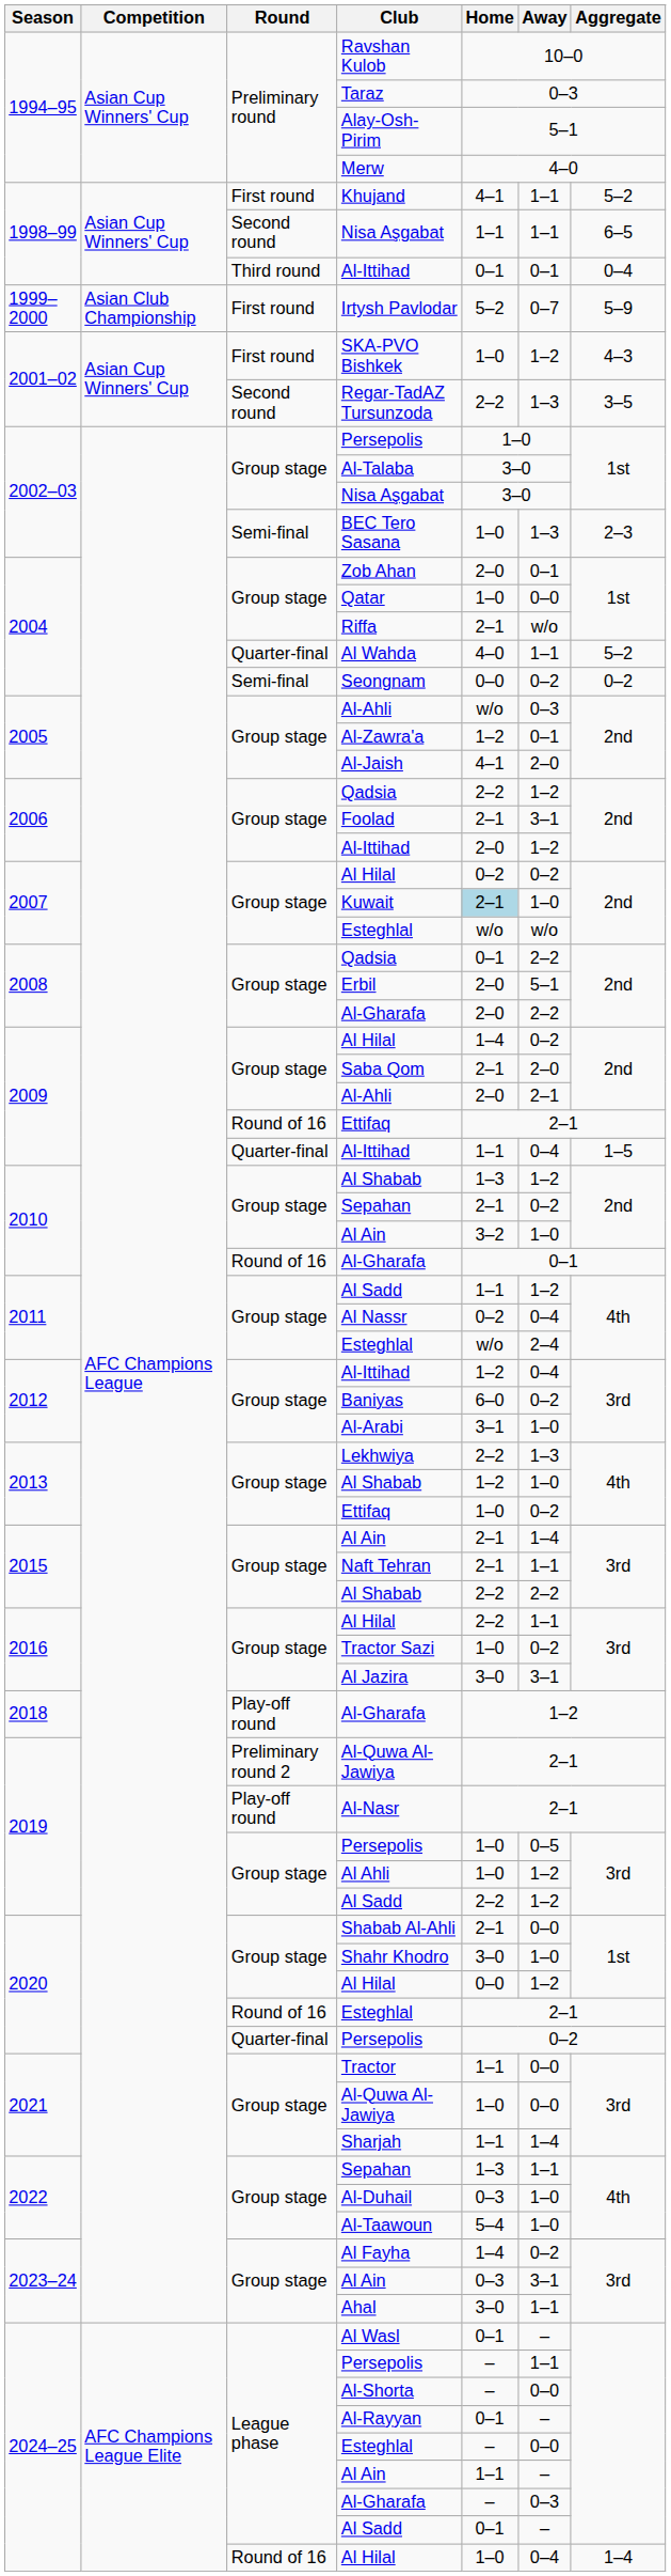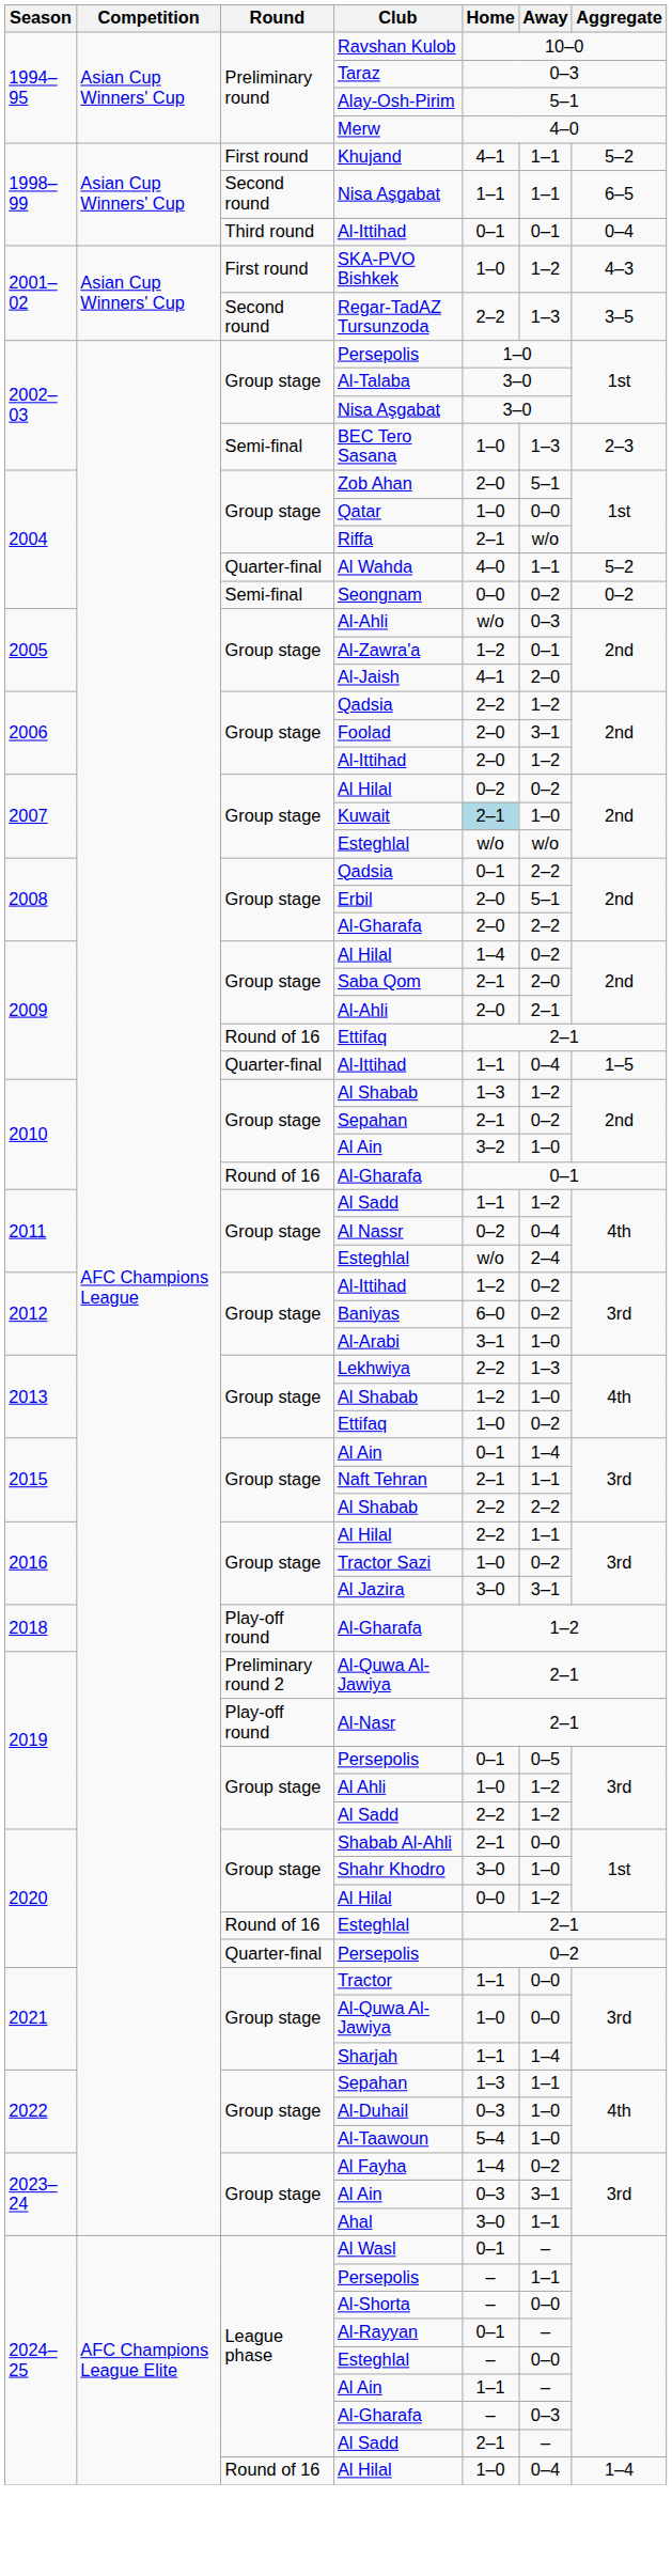 <table class="wikitable">
 <tr>
 </tr>
 <tr>
 <th>Season</th>
 <th>Competition</th>
 <th>Round</th>
 <th>Club</th>
 <th>Home</th>
 <th>Away</th>
 <th>Aggregate</th>
 </tr>
 <tr>
 <td rowspan="4"><a href='#'>1994–95</a></td>
 <td rowspan="4"><a href='#'>Asian Cup Winners' Cup</a></td>
 <td rowspan="4">Preliminary round</td>
 <td> <a href='#'>Ravshan Kulob</a></td>
 <td colspan=3; style="text-align:center;">10–0</td>
 </tr>
 <tr>
 <td> <a href='#'>Taraz</a></td>
 <td colspan=3; style="text-align:center;">0–3</td>
 </tr>
 <tr>
 <td> <a href='#'>Alay-Osh-Pirim</a></td>
 <td colspan=3; style="text-align:center;">5–1</td>
 </tr>
 <tr>
 <td> <a href='#'>Merw</a></td>
 <td colspan=3; style="text-align:center;">4–0</td>
 </tr>
 <tr>
 <td rowspan="3"><a href='#'>1998–99</a></td>
 <td rowspan="3"><a href='#'>Asian Cup Winners' Cup</a></td>
 <td rowspan="1">First round</td>
 <td> <a href='#'>Khujand</a></td>
 <td style="text-align:center;">4–1</td>
 <td style="text-align:center;">1–1</td>
 <td style="text-align:center;">5–2</td>
 </tr>
 <tr>
 <td rowspan="1">Second round</td>
 <td> <a href='#'>Nisa Aşgabat</a></td>
 <td style="text-align:center;">1–1</td>
 <td style="text-align:center;">1–1</td>
 <td style="text-align:center;">6–5</td>
 </tr>
 <tr>
 <td rowspan="1">Third round</td>
 <td> <a href='#'>Al-Ittihad</a></td>
 <td style="text-align:center;">0–1</td>
 <td style="text-align:center;">0–1</td>
 <td style="text-align:center;">0–4</td>
 </tr>
 <tr>
-<td rowspan="1"><a href='#'>1999–2000</a></td>
-<td rowspan="1"><a href='#'>Asian Club Championship</a></td>
-<td rowspan="1">First round</td>
-<td> <a href='#'>Irtysh Pavlodar</a></td>
-<td style="text-align:center;">5–2</td>
-<td style="text-align:center;">0–7</td>
-<td style="text-align:center;">5–9</td>
-</tr>
-<tr>
 <td rowspan="2"><a href='#'>2001–02</a></td>
 <td rowspan="2"><a href='#'>Asian Cup Winners' Cup</a></td>
 <td rowspan="1">First round</td>
 <td> <a href='#'>SKA-PVO Bishkek</a></td>
 <td style="text-align:center;">1–0</td>
 <td style="text-align:center;">1–2</td>
 <td style="text-align:center;">4–3</td>
 </tr>
 <tr>
 <td rowspan="1">Second round</td>
 <td> <a href='#'>Regar-TadAZ Tursunzoda</a></td>
 <td style="text-align:center;">2–2</td>
 <td style="text-align:center;">1–3</td>
 <td style="text-align:center;">3–5</td>
 </tr>
 <tr>
 <td rowspan="4"><a href='#'>2002–03</a></td>
 <td rowspan="65"><a href='#'>AFC Champions League</a></td>
 <td rowspan="3">Group stage</td>
 <td> <a href='#'>Persepolis</a></td>
 <td colspan=2; style="text-align:center;">1–0</td>
 <td rowspan=3; style="text-align:center;">1st</td>
 </tr>
 <tr>
 <td> <a href='#'>Al-Talaba</a></td>
 <td colspan=2; style="text-align:center;">3–0</td>
 </tr>
 <tr>
 <td> <a href='#'>Nisa Aşgabat</a></td>
 <td colspan=2; style="text-align:center;">3–0</td>
 </tr>
 <tr>
 <td rowspan="1">Semi-final</td>
 <td> <a href='#'>BEC Tero Sasana</a></td>
 <td style="text-align:center;">1–0</td>
 <td style="text-align:center;">1–3</td>
 <td style="text-align:center;">2–3</td>
 </tr>
 <tr>
 <td rowspan="5"><a href='#'>2004</a></td>
 <td rowspan="3">Group stage</td>
 <td> <a href='#'>Zob Ahan</a></td>
 <td style="text-align:center;">2–0</td>
-<td style="text-align:center;">0–1</td>
+<td style="text-align:center;">5–1</td>
 <td rowspan=3; style="text-align:center;">1st</td>
 </tr>
 <tr>
 <td> <a href='#'>Qatar</a></td>
 <td style="text-align:center;">1–0</td>
 <td style="text-align:center;">0–0</td>
 </tr>
 <tr>
 <td> <a href='#'>Riffa</a></td>
 <td style="text-align:center;">2–1</td>
 <td style="text-align:center;">w/o</td>
 </tr>
 <tr>
 <td rowspan="1">Quarter-final</td>
 <td> <a href='#'>Al Wahda</a></td>
 <td style="text-align:center;">4–0</td>
 <td style="text-align:center;">1–1</td>
 <td style="text-align:center;">5–2</td>
 </tr>
 <tr>
 <td rowspan="1">Semi-final</td>
 <td> <a href='#'>Seongnam</a></td>
 <td style="text-align:center;">0–0</td>
 <td style="text-align:center;">0–2</td>
 <td style="text-align:center;">0–2</td>
 </tr>
 <tr>
 <td rowspan="3"><a href='#'>2005</a></td>
 <td rowspan="3">Group stage</td>
 <td> <a href='#'>Al-Ahli</a></td>
 <td style="text-align:center;">w/o</td>
 <td style="text-align:center;">0–3</td>
 <td rowspan=3; style="text-align:center;">2nd</td>
 </tr>
 <tr>
 <td> <a href='#'>Al-Zawra'a</a></td>
 <td style="text-align:center;">1–2</td>
 <td style="text-align:center;">0–1</td>
 </tr>
 <tr>
 <td> <a href='#'>Al-Jaish</a></td>
 <td style="text-align:center;">4–1</td>
 <td style="text-align:center;">2–0</td>
 </tr>
 <tr>
 <td rowspan="3"><a href='#'>2006</a></td>
 <td rowspan="3">Group stage</td>
 <td> <a href='#'>Qadsia</a></td>
 <td style="text-align:center;">2–2</td>
 <td style="text-align:center;">1–2</td>
 <td rowspan=3; style="text-align:center;">2nd</td>
 </tr>
 <tr>
 <td> <a href='#'>Foolad</a></td>
-<td style="text-align:center;">2–1</td>
+<td style="text-align:center;">2–0</td>
 <td style="text-align:center;">3–1</td>
 </tr>
 <tr>
 <td> <a href='#'>Al-Ittihad</a></td>
 <td style="text-align:center;">2–0</td>
 <td style="text-align:center;">1–2</td>
 </tr>
 <tr>
 <td rowspan="3"><a href='#'>2007</a></td>
 <td rowspan="3">Group stage</td>
 <td> <a href='#'>Al Hilal</a></td>
 <td style="text-align:center;">0–2</td>
 <td style="text-align:center;">0–2</td>
 <td rowspan=3; style="text-align:center;">2nd</td>
 </tr>
 <tr>
 <td> <a href='#'>Kuwait</a></td>
 <td style="background: lightblue; text-align:center;">2–1</td>
 <td style="text-align:center;">1–0</td>
 </tr>
 <tr>
 <td> <a href='#'>Esteghlal</a></td>
 <td style="text-align:center;">w/o</td>
 <td style="text-align:center;">w/o</td>
 </tr>
 <tr>
 <td rowspan="3"><a href='#'>2008</a></td>
 <td rowspan="3">Group stage</td>
 <td> <a href='#'>Qadsia</a></td>
 <td style="text-align:center;">0–1</td>
 <td style="text-align:center;">2–2</td>
 <td rowspan=3; style="text-align:center;">2nd</td>
 </tr>
 <tr>
 <td> <a href='#'>Erbil</a></td>
 <td style="text-align:center;">2–0</td>
 <td style="text-align:center;">5–1</td>
 </tr>
 <tr>
 <td> <a href='#'>Al-Gharafa</a></td>
 <td style="text-align:center;">2–0</td>
 <td style="text-align:center;">2–2</td>
 </tr>
 <tr>
 <td rowspan="5"><a href='#'>2009</a></td>
 <td rowspan="3">Group stage</td>
 <td> <a href='#'>Al Hilal</a></td>
 <td style="text-align:center;">1–4</td>
 <td style="text-align:center;">0–2</td>
 <td rowspan=3; style="text-align:center;">2nd</td>
 </tr>
 <tr>
 <td> <a href='#'>Saba Qom</a></td>
 <td style="text-align:center;">2–1</td>
 <td style="text-align:center;">2–0</td>
 </tr>
 <tr>
 <td> <a href='#'>Al-Ahli</a></td>
 <td style="text-align:center;">2–0</td>
 <td style="text-align:center;">2–1</td>
 </tr>
 <tr>
 <td rowspan="1">Round of 16</td>
 <td> <a href='#'>Ettifaq</a></td>
 <td colspan=3; style="text-align:center;">2–1</td>
 </tr>
 <tr>
 <td rowspan="1">Quarter-final</td>
 <td> <a href='#'>Al-Ittihad</a></td>
 <td style="text-align:center;">1–1</td>
 <td style="text-align:center;">0–4</td>
 <td style="text-align:center;">1–5</td>
 </tr>
 <tr>
 <td rowspan="4"><a href='#'>2010</a></td>
 <td rowspan="3">Group stage</td>
 <td> <a href='#'>Al Shabab</a></td>
 <td style="text-align:center;">1–3</td>
 <td style="text-align:center;">1–2</td>
 <td rowspan=3; style="text-align:center;">2nd</td>
 </tr>
 <tr>
 <td> <a href='#'>Sepahan</a></td>
 <td style="text-align:center;">2–1</td>
 <td style="text-align:center;">0–2</td>
 </tr>
 <tr>
 <td> <a href='#'>Al Ain</a></td>
 <td style="text-align:center;">3–2</td>
 <td style="text-align:center;">1–0</td>
 </tr>
 <tr>
 <td rowspan="1">Round of 16</td>
 <td> <a href='#'>Al-Gharafa</a></td>
 <td colspan=3; style="text-align:center;">0–1</td>
 </tr>
 <tr>
 <td rowspan="3"><a href='#'>2011</a></td>
 <td rowspan="3">Group stage</td>
 <td> <a href='#'>Al Sadd</a></td>
 <td style="text-align:center;">1–1</td>
 <td style="text-align:center;">1–2</td>
 <td rowspan=3; style="text-align:center;">4th</td>
 </tr>
 <tr>
 <td> <a href='#'>Al Nassr</a></td>
 <td style="text-align:center;">0–2</td>
 <td style="text-align:center;">0–4</td>
 </tr>
 <tr>
 <td> <a href='#'>Esteghlal</a></td>
 <td style="text-align:center;">w/o</td>
 <td style="text-align:center;">2–4</td>
 </tr>
 <tr>
 <td rowspan="3"><a href='#'>2012</a></td>
 <td rowspan="3">Group stage</td>
 <td> <a href='#'>Al-Ittihad</a></td>
 <td style="text-align:center;">1–2</td>
-<td style="text-align:center;">0–4</td>
+<td style="text-align:center;">0–2</td>
 <td rowspan=3; style="text-align:center;">3rd</td>
 </tr>
 <tr>
 <td> <a href='#'>Baniyas</a></td>
 <td style="text-align:center;">6–0</td>
 <td style="text-align:center;">0–2</td>
 </tr>
 <tr>
 <td> <a href='#'>Al-Arabi</a></td>
 <td style="text-align:center;">3–1</td>
 <td style="text-align:center;">1–0</td>
 </tr>
 <tr>
 <td rowspan="3"><a href='#'>2013</a></td>
 <td rowspan="3">Group stage</td>
 <td> <a href='#'>Lekhwiya</a></td>
 <td style="text-align:center;">2–2</td>
 <td style="text-align:center;">1–3</td>
 <td rowspan=3; style="text-align:center;">4th</td>
 </tr>
 <tr>
 <td> <a href='#'>Al Shabab</a></td>
 <td style="text-align:center;">1–2</td>
 <td style="text-align:center;">1–0</td>
 </tr>
 <tr>
 <td> <a href='#'>Ettifaq</a></td>
 <td style="text-align:center;">1–0</td>
 <td style="text-align:center;">0–2</td>
 </tr>
 <tr>
 <td rowspan="3"><a href='#'>2015</a></td>
 <td rowspan="3">Group stage</td>
 <td> <a href='#'>Al Ain</a></td>
-<td style="text-align:center;">2–1</td>
+<td style="text-align:center;">0–1</td>
 <td style="text-align:center;">1–4</td>
 <td rowspan=3; style="text-align:center;">3rd</td>
 </tr>
 <tr>
 <td> <a href='#'>Naft Tehran</a></td>
 <td style="text-align:center;">2–1</td>
 <td style="text-align:center;">1–1</td>
 </tr>
 <tr>
 <td> <a href='#'>Al Shabab</a></td>
 <td style="text-align:center;">2–2</td>
 <td style="text-align:center;">2–2</td>
 </tr>
 <tr>
 <td rowspan="3"><a href='#'>2016</a></td>
 <td rowspan="3">Group stage</td>
 <td> <a href='#'>Al Hilal</a></td>
 <td style="text-align:center;">2–2</td>
 <td style="text-align:center;">1–1</td>
 <td rowspan=3; style="text-align:center;">3rd</td>
 </tr>
 <tr>
 <td> <a href='#'>Tractor Sazi</a></td>
 <td style="text-align:center;">1–0</td>
 <td style="text-align:center;">0–2</td>
 </tr>
 <tr>
 <td> <a href='#'>Al Jazira</a></td>
 <td style="text-align:center;">3–0</td>
 <td style="text-align:center;">3–1</td>
 </tr>
 <tr>
 <td rowspan="1"><a href='#'>2018</a></td>
 <td rowspan="1">Play-off round</td>
 <td> <a href='#'>Al-Gharafa</a></td>
 <td colspan=3; style="text-align:center;">1–2</td>
 </tr>
 <tr>
 <td rowspan="5"><a href='#'>2019</a></td>
 <td rowspan="1">Preliminary round 2</td>
 <td> <a href='#'>Al-Quwa Al-Jawiya</a></td>
 <td colspan=3; style="text-align:center;">2–1</td>
 </tr>
 <tr>
 <td rowspan="1">Play-off round</td>
 <td> <a href='#'>Al-Nasr</a></td>
 <td colspan=3 style="text-align:center;">2–1</td>
 </tr>
 <tr>
 <td rowspan="3">Group stage</td>
 <td> <a href='#'>Persepolis</a></td>
-<td style="text-align:center;">1–0</td>
+<td style="text-align:center;">0–1</td>
 <td style="text-align:center;">0–5</td>
 <td rowspan=3; style="text-align:center;">3rd</td>
 </tr>
 <tr>
 <td> <a href='#'>Al Ahli</a></td>
 <td style="text-align:center;">1–0</td>
 <td style="text-align:center;">1–2</td>
 </tr>
 <tr>
 <td> <a href='#'>Al Sadd</a></td>
 <td style="text-align:center;">2–2</td>
 <td style="text-align:center;">1–2</td>
 </tr>
 <tr>
 <td rowspan="5"><a href='#'>2020</a></td>
 <td rowspan="3">Group stage</td>
 <td>  <a href='#'>Shabab Al-Ahli</a></td>
 <td style="text-align:center;">2–1</td>
 <td style="text-align:center;">0–0</td>
 <td rowspan=3; style="text-align:center;">1st</td>
 </tr>
 <tr>
 <td> <a href='#'>Shahr Khodro</a></td>
 <td style="text-align:center;">3–0</td>
 <td style="text-align:center;">1–0</td>
 </tr>
 <tr>
 <td> <a href='#'>Al Hilal</a></td>
 <td style="text-align:center;">0–0</td>
 <td style="text-align:center;">1–2</td>
 </tr>
 <tr>
 <td rowspan="1">Round of 16</td>
 <td> <a href='#'>Esteghlal</a></td>
 <td colspan=3; style="text-align:center;">2–1</td>
 </tr>
 <tr>
 <td rowspan="1">Quarter-final</td>
 <td> <a href='#'>Persepolis</a></td>
 <td colspan=3; style="text-align:center;">0–2</td>
 </tr>
 <tr>
 <td rowspan="3"><a href='#'>2021</a></td>
 <td rowspan="3">Group stage</td>
 <td> <a href='#'>Tractor</a></td>
 <td style="text-align:center;">1–1</td>
 <td style="text-align:center;">0–0</td>
 <td rowspan=3; style="text-align:center;">3rd</td>
 </tr>
 <tr>
 <td> <a href='#'>Al-Quwa Al-Jawiya</a></td>
 <td style="text-align:center;">1–0</td>
 <td style="text-align:center;">0–0</td>
 </tr>
 <tr>
 <td> <a href='#'>Sharjah</a></td>
 <td style="text-align:center;">1–1</td>
 <td style="text-align:center;">1–4</td>
 </tr>
 <tr>
 <td rowspan="3"><a href='#'>2022</a></td>
 <td rowspan="3">Group stage</td>
 <td> <a href='#'>Sepahan</a></td>
 <td style="text-align:center;">1–3</td>
 <td style="text-align:center;">1–1</td>
 <td rowspan=3; style="text-align:center;">4th</td>
 </tr>
 <tr>
 <td> <a href='#'>Al-Duhail</a></td>
 <td style="text-align:center;">0–3</td>
 <td style="text-align:center;">1–0</td>
 </tr>
 <tr>
 <td> <a href='#'>Al-Taawoun</a></td>
 <td style="text-align:center;">5–4</td>
 <td style="text-align:center;">1–0</td>
 </tr>
 <tr>
 <td rowspan="3"><a href='#'>2023–24</a></td>
 <td rowspan="3">Group stage</td>
 <td> <a href='#'>Al Fayha</a></td>
 <td style="text-align:center;">1–4</td>
 <td style="text-align:center;">0–2</td>
 <td rowspan=3; style="text-align:center;">3rd</td>
 </tr>
 <tr>
 <td> <a href='#'>Al Ain</a></td>
 <td style="text-align:center;">0–3</td>
 <td style="text-align:center;">3–1</td>
 </tr>
 <tr>
 <td> <a href='#'>Ahal</a></td>
 <td style="text-align:center;">3–0</td>
 <td style="text-align:center;">1–1</td>
 </tr>
 <tr>
 <td rowspan="9"><a href='#'>2024–25</a></td>
 <td rowspan="9"><a href='#'>AFC Champions League Elite</a></td>
 <td rowspan="8">League phase</td>
 <td> <a href='#'>Al Wasl</a></td>
 <td style="text-align:center;">0–1</td>
 <td style="text-align:center;">–</td>
 <td rowspan=8; style="text-align:center;"></td>
 </tr>
 <tr>
 <td> <a href='#'>Persepolis</a></td>
 <td style="text-align:center;">–</td>
 <td style="text-align:center;">1–1</td>
 </tr>
 <tr>
 <td> <a href='#'>Al-Shorta</a></td>
 <td style="text-align:center;">–</td>
 <td style="text-align:center;">0–0</td>
 </tr>
 <tr>
 <td> <a href='#'>Al-Rayyan</a></td>
 <td style="text-align:center;">0–1</td>
 <td style="text-align:center;">–</td>
 </tr>
 <tr>
 <td> <a href='#'>Esteghlal</a></td>
 <td style="text-align:center;">–</td>
 <td style="text-align:center;">0–0</td>
 </tr>
 <tr>
 <td> <a href='#'>Al Ain</a></td>
 <td style="text-align:center;">1–1</td>
 <td style="text-align:center;">–</td>
 </tr>
 <tr>
 <td> <a href='#'>Al-Gharafa</a></td>
 <td style="text-align:center;">–</td>
 <td style="text-align:center;">0–3</td>
 </tr>
 <tr>
 <td> <a href='#'>Al Sadd</a></td>
-<td style="text-align:center;">0–1</td>
+<td style="text-align:center;">2–1</td>
 <td style="text-align:center;">–</td>
 </tr>
 <tr>
 <td rowspan="1">Round of 16</td>
 <td> <a href='#'>Al Hilal</a></td>
 <td style="text-align:center;">1–0</td>
 <td style="text-align:center;">0–4</td>
 <td rowspan=1; style="text-align:center;">1–4</td>
 </tr>
 </table>
